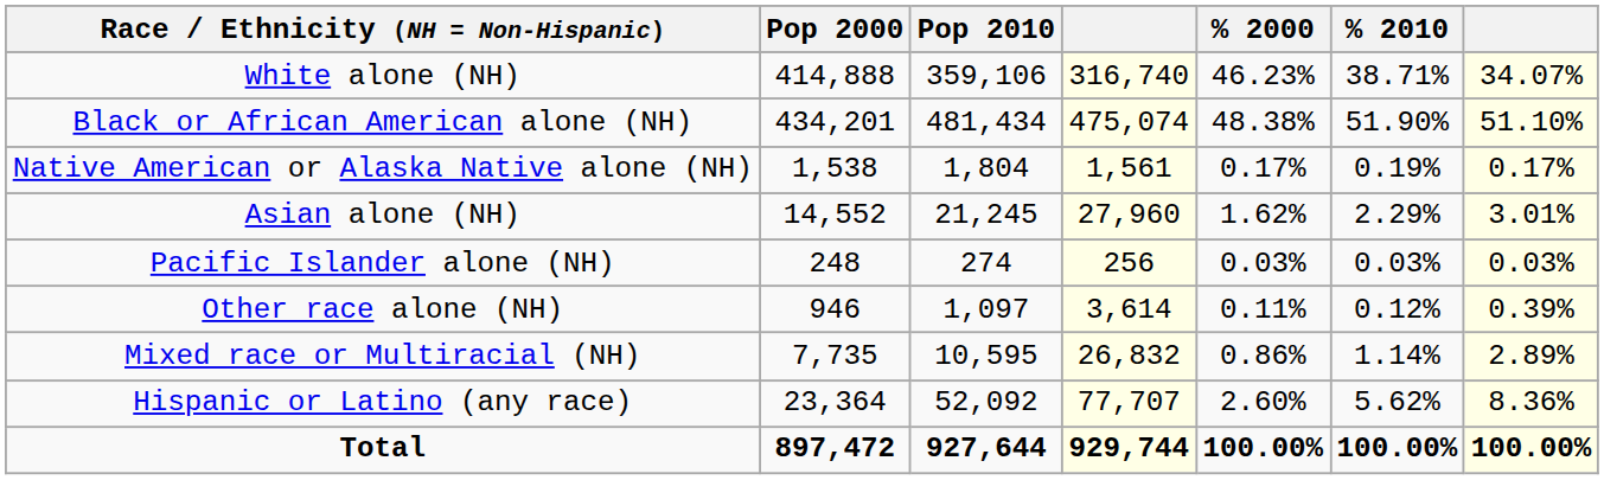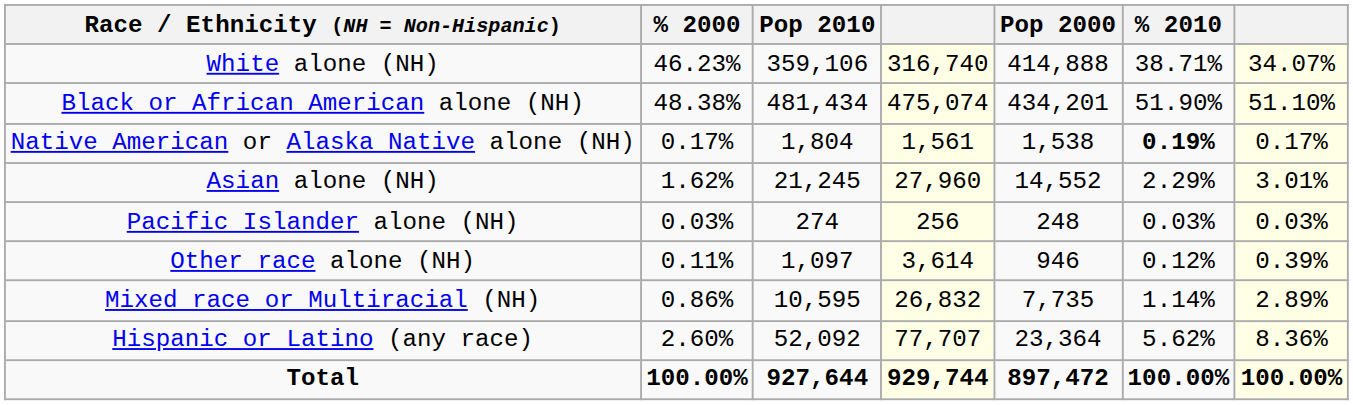 <table class="wikitable" style="text-align:center;">
 <tr>
 <th>Race / Ethnicity <small>(<em>NH = Non-Hispanic</em>)</small></th>
-<th>Pop 2000</th>
+<th>% 2000</th>
 <th>Pop 2010</th>
 <th></th>
-<th>% 2000</th>
+<th>Pop 2000</th>
 <th>% 2010</th>
 <th></th>
 </tr>
 <tr>
 <td><a href='#'>White</a> alone (NH)</td>
-<td>414,888</td>
+<td>46.23%</td>
 <td>359,106</td>
 <td style='background: #ffffe6;'>316,740</td>
-<td>46.23%</td>
+<td>414,888</td>
 <td>38.71%</td>
 <td style='background: #ffffe6;'>34.07%</td>
 </tr>
 <tr>
 <td><a href='#'>Black or African American</a> alone (NH)</td>
-<td>434,201</td>
+<td>48.38%</td>
 <td>481,434</td>
 <td style='background: #ffffe6;'>475,074</td>
-<td>48.38%</td>
+<td>434,201</td>
 <td>51.90%</td>
 <td style='background: #ffffe6;'>51.10%</td>
 </tr>
 <tr>
 <td><a href='#'>Native American</a> or <a href='#'>Alaska Native</a> alone (NH)</td>
-<td>1,538</td>
+<td>0.17%</td>
 <td>1,804</td>
 <td style='background: #ffffe6;'>1,561</td>
-<td>0.17%</td>
-<td>0.19%</td>
+<td>1,538</td>
+<td><strong>0.19%</strong></td>
 <td style='background: #ffffe6;'>0.17%</td>
 </tr>
 <tr>
 <td><a href='#'>Asian</a> alone (NH)</td>
-<td>14,552</td>
+<td>1.62%</td>
 <td>21,245</td>
 <td style='background: #ffffe6;'>27,960</td>
-<td>1.62%</td>
+<td>14,552</td>
 <td>2.29%</td>
 <td style='background: #ffffe6;'>3.01%</td>
 </tr>
 <tr>
 <td><a href='#'>Pacific Islander</a> alone (NH)</td>
-<td>248</td>
+<td>0.03%</td>
 <td>274</td>
 <td style='background: #ffffe6;'>256</td>
-<td>0.03%</td>
+<td>248</td>
 <td>0.03%</td>
 <td style='background: #ffffe6;'>0.03%</td>
 </tr>
 <tr>
 <td><a href='#'>Other race</a> alone (NH)</td>
-<td>946</td>
+<td>0.11%</td>
 <td>1,097</td>
 <td style='background: #ffffe6;'>3,614</td>
-<td>0.11%</td>
+<td>946</td>
 <td>0.12%</td>
 <td style='background: #ffffe6;'>0.39%</td>
 </tr>
 <tr>
 <td><a href='#'>Mixed race or Multiracial</a> (NH)</td>
-<td>7,735</td>
+<td>0.86%</td>
 <td>10,595</td>
 <td style='background: #ffffe6;'>26,832</td>
-<td>0.86%</td>
+<td>7,735</td>
 <td>1.14%</td>
 <td style='background: #ffffe6;'>2.89%</td>
 </tr>
 <tr>
 <td><a href='#'>Hispanic or Latino</a> (any race)</td>
-<td>23,364</td>
+<td>2.60%</td>
 <td>52,092</td>
 <td style='background: #ffffe6;'>77,707</td>
-<td>2.60%</td>
+<td>23,364</td>
 <td>5.62%</td>
 <td style='background: #ffffe6;'>8.36%</td>
 </tr>
 <tr>
 <td><strong>Total</strong></td>
-<td><strong>897,472</strong></td>
+<td><strong>100.00%</strong></td>
 <td><strong>927,644</strong></td>
 <td style='background: #ffffe6;'><strong>929,744</strong></td>
-<td><strong>100.00%</strong></td>
+<td><strong>897,472</strong></td>
 <td><strong>100.00%</strong></td>
 <td style='background: #ffffe6;'><strong>100.00%</strong></td>
 </tr>
 </table>
